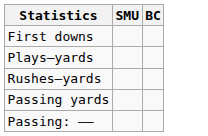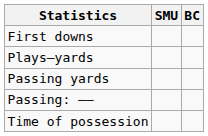 <table class="wikitable" style="float:left">
 <tr>
 <th>Statistics</th>
 <th>SMU</th>
 <th>BC</th>
 </tr>
 <tr>
 <td>First downs</td>
 <td></td>
 <td></td>
 </tr>
 <tr>
 <td>Plays–yards</td>
 <td></td>
 <td></td>
 </tr>
 <tr>
-<td>Rushes–yards</td>
-<td></td>
-<td></td>
-</tr>
-<tr>
 <td>Passing yards</td>
 <td></td>
 <td></td>
 </tr>
 <tr>
 <td>Passing: ––</td>
 <td></td>
 <td></td>
 </tr>
+<tr>
+<td>Time of possession</td>
+<td></td>
+<td></td>
+</tr>
 </table>
